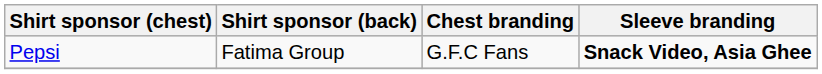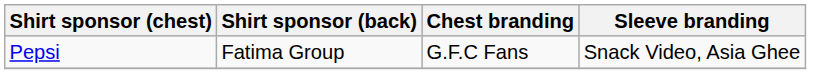 <table class="wikitable"  style="font-size:85%;">
 <tr>
 <th>Shirt sponsor (chest)</th>
 <th>Shirt sponsor (back)</th>
 <th>Chest branding</th>
 <th>Sleeve branding</th>
 </tr>
 <tr>
 <td><a href='#'>Pepsi</a></td>
 <td>Fatima Group</td>
 <td>G.F.C Fans</td>
-<td><strong>Snack Video, Asia Ghee</strong></td>
+<td>Snack Video, Asia Ghee</td>
 </tr>
 <tr>
 </tr>
 </table>
